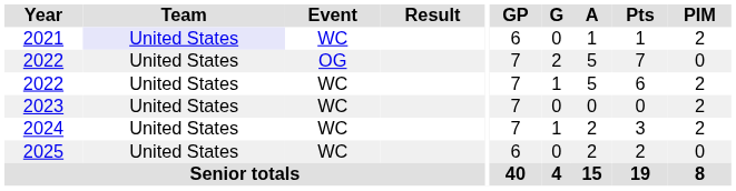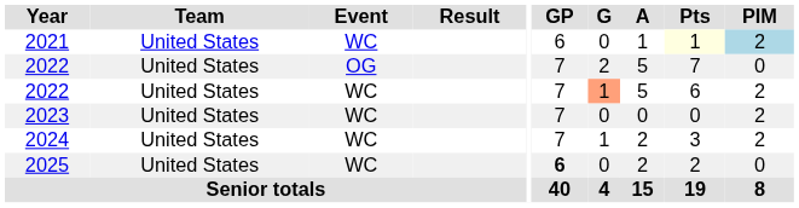 <table border="0" cellpadding="1" cellspacing="0" ID="Table3" style="text-align:center; width:40em">
 <tr ALIGN="center" bgcolor="#e0e0e0">
 <th>Year</th>
 <th>Team</th>
 <th>Event</th>
 <th>Result</th>
 <th rowspan="99" bgcolor="#ffffff"></th>
 <th>GP</th>
 <th>G</th>
 <th>A</th>
 <th>Pts</th>
 <th>PIM</th>
 </tr>
 <tr>
 <td><a href='#'>2021</a></td>
-<td style="background: lavender;"><a href='#'>United States</a></td>
+<td><a href='#'>United States</a></td>
 <td><a href='#'>WC</a></td>
 <td></td>
 <td>6</td>
 <td>0</td>
 <td>1</td>
-<td>1</td>
-<td>2</td>
+<td style="background: lightyellow;">1</td>
+<td style="background: lightblue;">2</td>
 </tr>
 <tr bgcolor="#f0f0f0">
 <td><a href='#'>2022</a></td>
 <td>United States</td>
 <td><a href='#'>OG</a></td>
 <td></td>
 <td>7</td>
 <td>2</td>
 <td>5</td>
 <td>7</td>
 <td>0</td>
 </tr>
 <tr>
 <td><a href='#'>2022</a></td>
 <td>United States</td>
 <td>WC</td>
 <td></td>
 <td>7</td>
-<td>1</td>
+<td style="background: lightsalmon;">1</td>
 <td>5</td>
 <td>6</td>
 <td>2</td>
 </tr>
 <tr bgcolor="#f0f0f0">
 <td><a href='#'>2023</a></td>
 <td>United States</td>
 <td>WC</td>
 <td></td>
 <td>7</td>
 <td>0</td>
 <td>0</td>
 <td>0</td>
 <td>2</td>
 </tr>
 <tr>
 <td><a href='#'>2024</a></td>
 <td>United States</td>
 <td>WC</td>
 <td></td>
 <td>7</td>
 <td>1</td>
 <td>2</td>
 <td>3</td>
 <td>2</td>
 </tr>
 <tr bgcolor="#f0f0f0">
 <td><a href='#'>2025</a></td>
 <td>United States</td>
 <td>WC</td>
 <td></td>
-<td>6</td>
+<td><strong>6</strong></td>
 <td>0</td>
 <td>2</td>
 <td>2</td>
 <td>0</td>
 </tr>
 <tr bgcolor="#e0e0e0">
 <th colspan="4">Senior totals</th>
 <th>40</th>
 <th>4</th>
 <th>15</th>
 <th>19</th>
 <th>8</th>
 </tr>
 </table>
